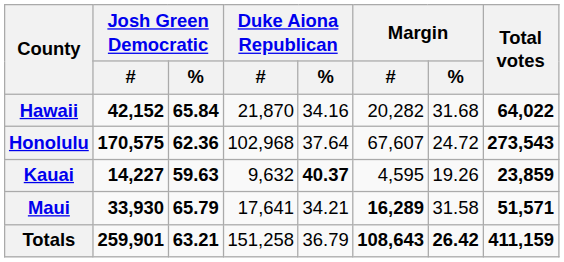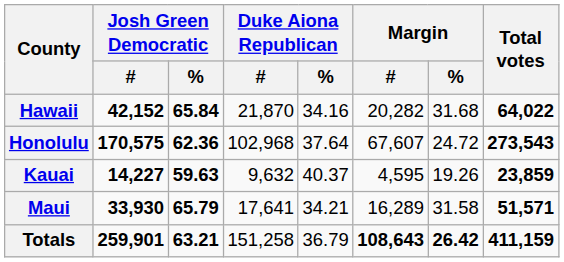 <table class="wikitable sortable" style="text-align:right;font-size:90%;line-height:1.3">
 <tr>
 <th rowspan="2">County</th>
 <th colspan="2"><a href='#'>Josh Green</a><br><a href='#'>Democratic</a></th>
 <th colspan="2"><a href='#'>Duke Aiona</a><br><a href='#'>Republican</a></th>
 <th colspan="2">Margin</th>
 <th rowspan="2">Total<br>votes</th>
 </tr>
 <tr>
 <th data-sort-type="number">#</th>
 <th data-sort-type="number">%</th>
 <th data-sort-type="number">#</th>
 <th data-sort-type="number">%</th>
 <th data-sort-type="number">#</th>
 <th data-sort-type="number">%</th>
 </tr>
 <tr>
 <th><a href='#'>Hawaii</a></th>
 <td><strong>42,152</strong></td>
 <td><strong>65.84</strong></td>
 <td>21,870</td>
 <td>34.16</td>
 <td>20,282</td>
 <td>31.68</td>
 <td><strong>64,022</strong></td>
 </tr>
 <tr>
 <th><a href='#'>Honolulu</a></th>
 <td><strong>170,575</strong></td>
 <td><strong>62.36</strong></td>
 <td>102,968</td>
 <td>37.64</td>
 <td>67,607</td>
 <td>24.72</td>
 <td><strong>273,543</strong><br></td>
 </tr>
 <tr>
 <th><a href='#'>Kauai</a></th>
 <td><strong>14,227</strong></td>
 <td><strong>59.63</strong></td>
 <td>9,632</td>
-<td><strong>40.37</strong></td>
+<td>40.37</td>
 <td>4,595</td>
 <td>19.26</td>
 <td><strong>23,859</strong></td>
 </tr>
 <tr>
 <th><a href='#'>Maui</a></th>
 <td><strong>33,930</strong></td>
 <td><strong>65.79</strong></td>
 <td>17,641</td>
 <td>34.21</td>
-<td><strong>16,289</strong></td>
+<td>16,289</td>
 <td>31.58</td>
 <td><strong>51,571</strong></td>
 </tr>
 <tr class="sortbottom">
 <th>Totals</th>
 <td><strong>259,901</strong></td>
 <td><strong>63.21</strong></td>
 <td>151,258</td>
 <td>36.79</td>
 <td><strong>108,643</strong></td>
 <td><strong>26.42</strong></td>
 <td><strong>411,159</strong></td>
 </tr>
 </table>
